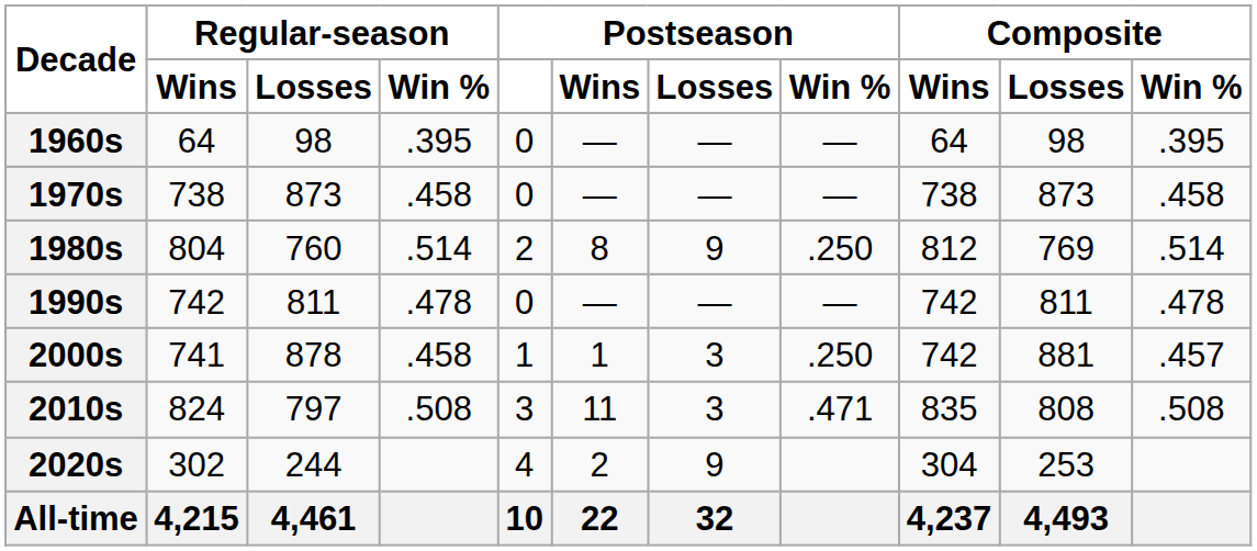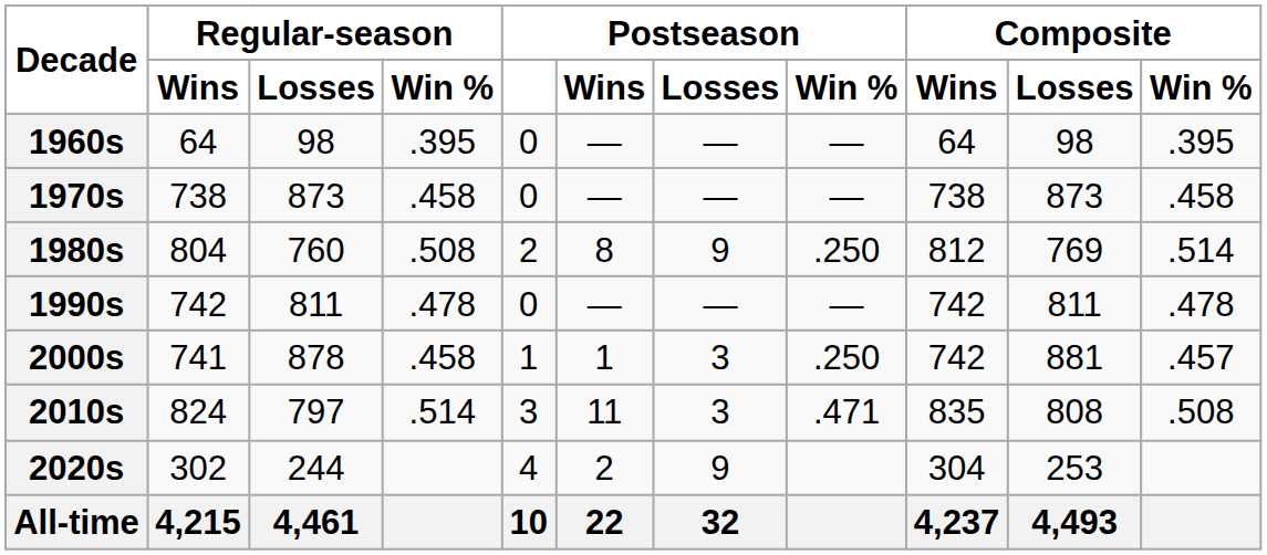 <table class="wikitable sortable plainrowheaders" style="font-size: 95%; text-align:center;">
 <tr>
 <th rowspan="2" scope="col" style="background-color:#ffffff; border-top:#">Decade</th>
 <th colspan="3" scope="col" style="background-color:#ffffff; border-top:#">Regular-season</th>
 <th colspan="4" scope="col" style="background-color:#ffffff; border-top:#">Postseason</th>
 <th colspan="3" scope="col" style="background-color:#ffffff; border-top:#">Composite</th>
 </tr>
 <tr>
 <th scope="col" style="background-color:#ffffff; border-bottom:#">Wins</th>
 <th scope="col" style="background-color:#ffffff; border-bottom:#">Losses</th>
 <th scope="col" style="background-color:#ffffff; border-bottom:#">Win %</th>
 <th scope="col" style="background-color:#ffffff; border-bottom:#"></th>
 <th scope="col" style="background-color:#ffffff; border-bottom:#">Wins</th>
 <th scope="col" style="background-color:#ffffff; border-bottom:#">Losses</th>
 <th scope="col" style="background-color:#ffffff; border-bottom:#">Win %</th>
 <th scope="col" style="background-color:#ffffff; border-bottom:#">Wins</th>
 <th scope="col" style="background-color:#ffffff; border-bottom:#">Losses</th>
 <th scope="col" style="background-color:#ffffff; border-bottom:#">Win %</th>
 </tr>
 <tr>
 <th scope="row">1960s</th>
 <td>64</td>
 <td>98</td>
 <td>.395</td>
 <td>0</td>
 <td>—</td>
 <td>—</td>
 <td>—</td>
 <td>64</td>
 <td>98</td>
 <td>.395</td>
 </tr>
 <tr>
 <th scope="row">1970s</th>
 <td>738</td>
 <td>873</td>
 <td>.458</td>
 <td>0</td>
 <td>—</td>
 <td>—</td>
 <td>—</td>
 <td>738</td>
 <td>873</td>
 <td>.458</td>
 </tr>
 <tr>
 <th scope="row">1980s</th>
 <td>804</td>
 <td>760</td>
-<td>.514</td>
+<td>.508</td>
 <td>2</td>
 <td>8</td>
 <td>9</td>
 <td>.250</td>
 <td>812</td>
 <td>769</td>
 <td>.514</td>
 </tr>
 <tr>
 <th scope="row">1990s</th>
 <td>742</td>
 <td>811</td>
 <td>.478</td>
 <td>0</td>
 <td>—</td>
 <td>—</td>
 <td>—</td>
 <td>742</td>
 <td>811</td>
 <td>.478</td>
 </tr>
 <tr>
 <th scope="row">2000s</th>
 <td>741</td>
 <td>878</td>
 <td>.458</td>
 <td>1</td>
 <td>1</td>
 <td>3</td>
 <td>.250</td>
 <td>742</td>
 <td>881</td>
 <td>.457</td>
 </tr>
 <tr>
 <th scope="row">2010s</th>
 <td>824</td>
 <td>797</td>
-<td>.508</td>
+<td>.514</td>
 <td>3</td>
 <td>11</td>
 <td>3</td>
 <td>.471</td>
 <td>835</td>
 <td>808</td>
 <td>.508</td>
 </tr>
 <tr>
 <th scope="row">2020s</th>
 <td>302</td>
 <td>244</td>
 <td></td>
 <td>4</td>
 <td>2</td>
 <td>9</td>
 <td></td>
 <td>304</td>
 <td>253</td>
 <td></td>
 </tr>
 <tr>
 <th scope="row"><strong>All-time</strong></th>
 <th>4,215</th>
 <th>4,461</th>
 <th></th>
 <th>10</th>
 <th>22</th>
 <th>32</th>
 <th></th>
 <th>4,237</th>
 <th>4,493</th>
 <th></th>
 </tr>
 </table>
